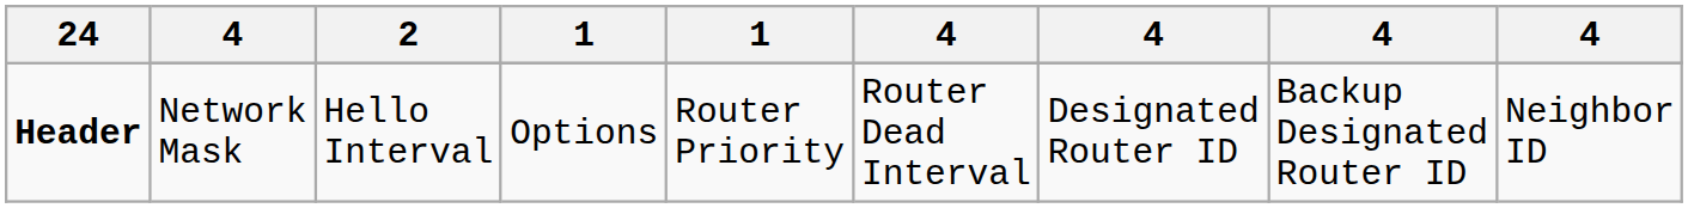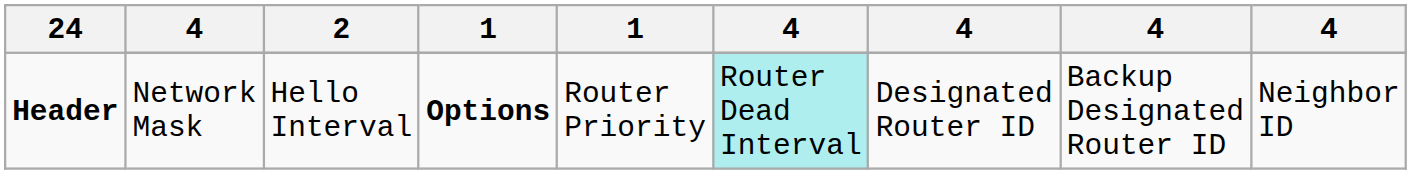 <table class="wikitable  floatright mw-collapsible mw-collapsed" style="width: 400px;">
 <tr>
 <th>24</th>
 <th>4</th>
 <th>2</th>
 <th>1</th>
 <th>1</th>
 <th>4</th>
 <th>4</th>
 <th>4</th>
 <th>4</th>
 </tr>
 <tr>
 <td rowspan="2" colspan="1"><strong>Header</strong></td>
 </tr>
 <tr>
 <td>Network Mask</td>
 <td>Hello Interval</td>
-<td>Options</td>
+<td><strong>Options</strong></td>
 <td>Router Priority</td>
-<td>Router Dead Interval</td>
+<td style="background: paleturquoise;">Router Dead Interval</td>
 <td>Designated Router ID</td>
 <td>Backup Designated Router ID</td>
 <td>Neighbor ID</td>
 </tr>
 </table>
